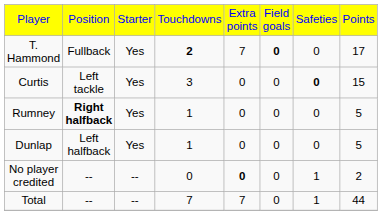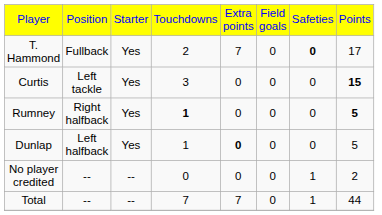 <table class="wikitable" width="70%">
 <tr align="center"  style="background:yellow;color:blue;">
 <td>Player</td>
 <td>Position</td>
 <td>Starter</td>
 <td>Touchdowns</td>
 <td>Extra points</td>
 <td>Field goals</td>
 <td>Safeties</td>
 <td>Points</td>
 </tr>
 <tr align="center" bgcolor="">
 <td>T. Hammond</td>
 <td>Fullback</td>
 <td>Yes</td>
-<td><strong>2</strong></td>
+<td>2</td>
 <td>7</td>
+<td>0</td>
 <td><strong>0</strong></td>
-<td>0</td>
 <td>17</td>
 </tr>
 <tr align="center" bgcolor="">
 <td>Curtis</td>
 <td>Left tackle</td>
 <td>Yes</td>
 <td>3</td>
 <td>0</td>
 <td>0</td>
-<td><strong>0</strong></td>
-<td>15</td>
+<td>0</td>
+<td><strong>15</strong></td>
 </tr>
 <tr align="center" bgcolor="">
 <td>Rumney</td>
-<td><strong>Right halfback</strong></td>
+<td>Right halfback</td>
 <td>Yes</td>
-<td>1</td>
+<td><strong>1</strong></td>
 <td>0</td>
 <td>0</td>
 <td>0</td>
-<td>5</td>
+<td><strong>5</strong></td>
 </tr>
 <tr align="center" bgcolor="">
 <td>Dunlap</td>
 <td>Left halfback</td>
 <td>Yes</td>
 <td>1</td>
-<td>0</td>
+<td><strong>0</strong></td>
 <td>0</td>
 <td>0</td>
 <td>5</td>
 </tr>
 <tr align="center" bgcolor="">
 <td>No player credited</td>
 <td>--</td>
 <td>--</td>
 <td>0</td>
-<td><strong>0</strong></td>
+<td>0</td>
 <td>0</td>
 <td>1</td>
 <td>2</td>
 </tr>
 <tr align="center" bgcolor="">
 <td>Total</td>
 <td>--</td>
 <td>--</td>
 <td>7</td>
 <td>7</td>
 <td>0</td>
 <td>1</td>
 <td>44</td>
 </tr>
 <tr align="center" bgcolor="">
 </tr>
 </table>
